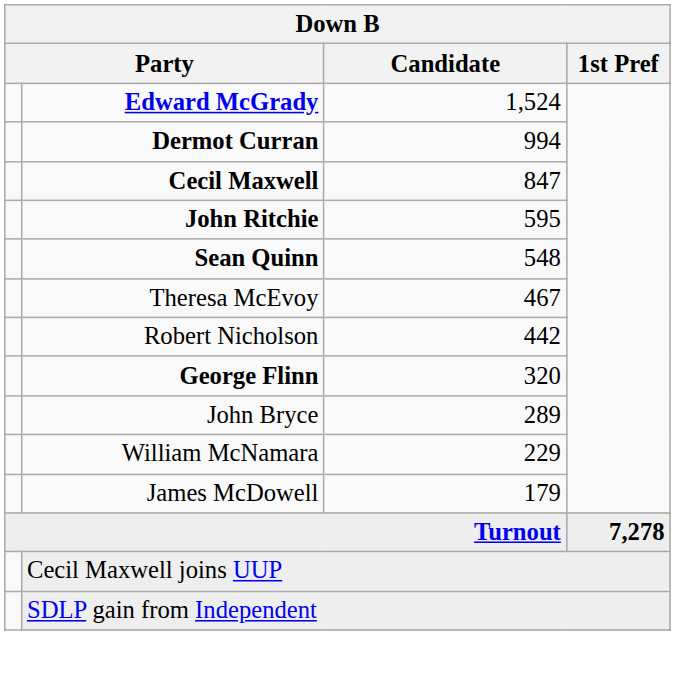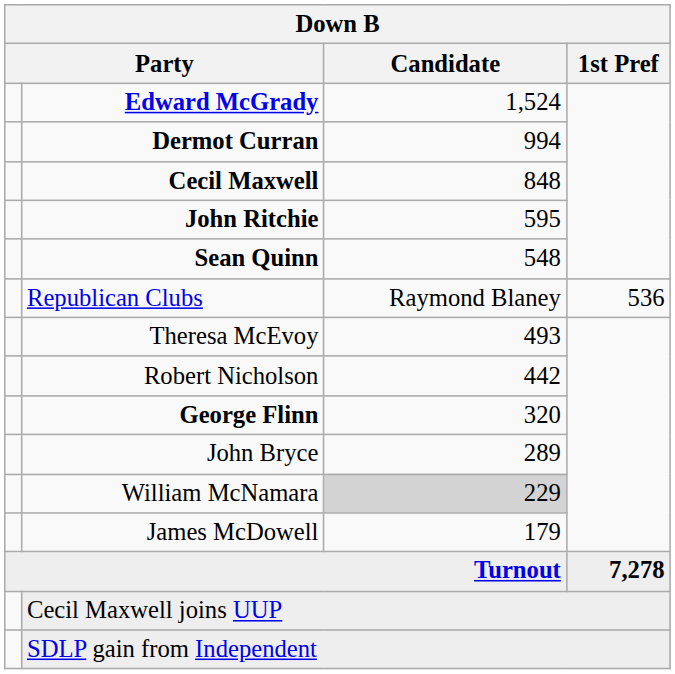 <table class="wikitable">
 <tr>
 <th colspan="4" align="center">Down B</th>
 </tr>
 <tr>
 <th colspan="2" align="center" width=200>Party</th>
 <th width=150>Candidate</th>
 <th width=60>1st Pref</th>
 </tr>
 <tr>
 <td></td>
 <td align="right"><strong><a href='#'>Edward McGrady</a></strong></td>
 <td align="right">1,524</td>
 </tr>
 <tr>
 <td></td>
 <td align="right"><strong>Dermot Curran</strong></td>
 <td align="right">994</td>
 </tr>
 <tr>
 <td></td>
 <td align="right"><strong>Cecil Maxwell</strong></td>
-<td align="right">847</td>
+<td align="right">848</td>
 </tr>
 <tr>
 <td></td>
 <td align="right"><strong>John Ritchie</strong></td>
 <td align="right">595</td>
 </tr>
 <tr>
 <td></td>
 <td align="right"><strong>Sean Quinn</strong></td>
 <td align="right">548</td>
 </tr>
 <tr>
+<td style="background-color: "></td>
+<td><a href='#'>Republican Clubs</a></td>
+<td align="right">Raymond Blaney</td>
+<td align="right">536</td>
+</tr>
+<tr>
 <td></td>
 <td align="right">Theresa McEvoy</td>
-<td align="right">467</td>
+<td align="right">493</td>
 </tr>
 <tr>
 <td></td>
 <td align="right">Robert Nicholson</td>
 <td align="right">442</td>
 </tr>
 <tr>
 <td></td>
 <td align="right"><strong>George Flinn</strong></td>
 <td align="right">320</td>
 </tr>
 <tr>
 <td></td>
 <td align="right">John Bryce</td>
 <td align="right">289</td>
 </tr>
 <tr>
 <td></td>
 <td align="right">William McNamara</td>
-<td align="right">229</td>
+<td align="right" style="background: lightgrey;">229</td>
 </tr>
 <tr>
 <td></td>
 <td align="right">James McDowell</td>
 <td align="right">179</td>
 </tr>
 <tr bgcolor="EEEEEE">
 <td colspan=3 align="right"><strong><a href='#'>Turnout</a></strong></td>
 <td align="right"><strong>7,278</strong></td>
 </tr>
 <tr>
 <td bgcolor=></td>
 <td colspan=3 bgcolor="EEEEEE">Cecil Maxwell joins <a href='#'>UUP</a></td>
 </tr>
 <tr>
 <td bgcolor=></td>
 <td colspan=3 bgcolor="EEEEEE"><a href='#'>SDLP</a> gain from <a href='#'>Independent</a></td>
 </tr>
 </table>
